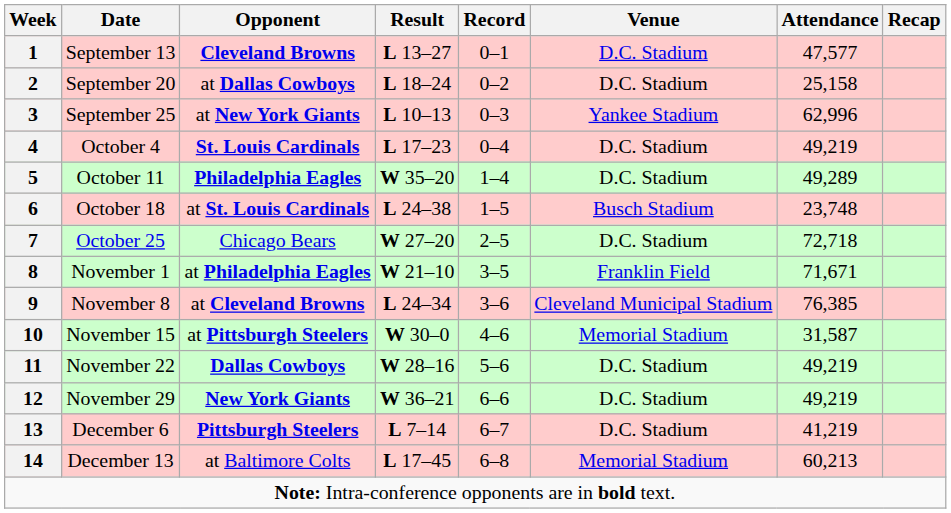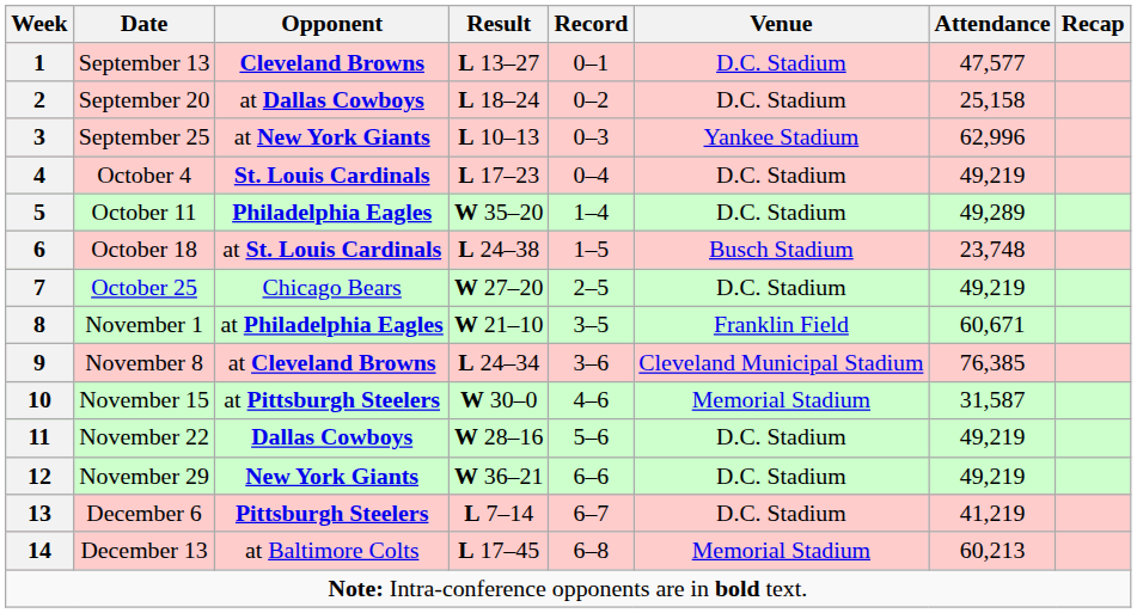 <table class="wikitable" style="text-align:center">
 <tr>
 <th>Week</th>
 <th>Date</th>
 <th>Opponent</th>
 <th>Result</th>
 <th>Record</th>
 <th>Venue</th>
 <th>Attendance</th>
 <th>Recap</th>
 </tr>
 <tr style="background:#fcc">
 <th>1</th>
 <td>September 13</td>
 <td><strong><a href='#'>Cleveland Browns</a></strong></td>
 <td><strong>L</strong> 13–27</td>
 <td>0–1</td>
 <td><a href='#'>D.C. Stadium</a></td>
 <td>47,577</td>
 <td></td>
 </tr>
 <tr style="background:#fcc">
 <th>2</th>
 <td>September 20</td>
 <td>at <strong><a href='#'>Dallas Cowboys</a></strong></td>
 <td><strong>L</strong> 18–24</td>
 <td>0–2</td>
 <td>D.C. Stadium</td>
 <td>25,158</td>
 <td></td>
 </tr>
 <tr style="background:#fcc">
 <th>3</th>
 <td>September 25</td>
 <td>at <strong><a href='#'>New York Giants</a></strong></td>
 <td><strong>L</strong> 10–13</td>
 <td>0–3</td>
 <td><a href='#'>Yankee Stadium</a></td>
 <td>62,996</td>
 <td></td>
 </tr>
 <tr style="background:#fcc">
 <th>4</th>
 <td>October 4</td>
 <td><strong><a href='#'>St. Louis Cardinals</a></strong></td>
 <td><strong>L</strong> 17–23</td>
 <td>0–4</td>
 <td>D.C. Stadium</td>
 <td>49,219</td>
 <td></td>
 </tr>
 <tr style="background:#cfc">
 <th>5</th>
 <td>October 11</td>
 <td><strong><a href='#'>Philadelphia Eagles</a></strong></td>
 <td><strong>W</strong> 35–20</td>
 <td>1–4</td>
 <td>D.C. Stadium</td>
 <td>49,289</td>
 <td></td>
 </tr>
 <tr style="background:#fcc">
 <th>6</th>
 <td>October 18</td>
 <td>at <strong><a href='#'>St. Louis Cardinals</a></strong></td>
 <td><strong>L</strong> 24–38</td>
 <td>1–5</td>
 <td><a href='#'>Busch Stadium</a></td>
 <td>23,748</td>
 <td></td>
 </tr>
 <tr style="background:#cfc">
 <th>7</th>
 <td><a href='#'>October 25</a></td>
 <td><a href='#'>Chicago Bears</a></td>
 <td><strong>W</strong> 27–20</td>
 <td>2–5</td>
 <td>D.C. Stadium</td>
-<td>72,718</td>
+<td>49,219</td>
 <td></td>
 </tr>
 <tr style="background:#cfc">
 <th>8</th>
 <td>November 1</td>
 <td>at <strong><a href='#'>Philadelphia Eagles</a></strong></td>
 <td><strong>W</strong> 21–10</td>
 <td>3–5</td>
 <td><a href='#'>Franklin Field</a></td>
-<td>71,671</td>
+<td>60,671</td>
 <td></td>
 </tr>
 <tr style="background:#fcc">
 <th>9</th>
 <td>November 8</td>
 <td>at <strong><a href='#'>Cleveland Browns</a></strong></td>
 <td><strong>L</strong> 24–34</td>
 <td>3–6</td>
 <td><a href='#'>Cleveland Municipal Stadium</a></td>
 <td>76,385</td>
 <td></td>
 </tr>
 <tr style="background:#cfc">
 <th>10</th>
 <td>November 15</td>
 <td>at <strong><a href='#'>Pittsburgh Steelers</a></strong></td>
 <td><strong>W</strong> 30–0</td>
 <td>4–6</td>
 <td><a href='#'>Memorial Stadium</a></td>
 <td>31,587</td>
 <td></td>
 </tr>
 <tr style="background:#cfc">
 <th>11</th>
 <td>November 22</td>
 <td><strong><a href='#'>Dallas Cowboys</a></strong></td>
 <td><strong>W</strong> 28–16</td>
 <td>5–6</td>
 <td>D.C. Stadium</td>
 <td>49,219</td>
 <td></td>
 </tr>
 <tr style="background:#cfc">
 <th>12</th>
 <td>November 29</td>
 <td><strong><a href='#'>New York Giants</a></strong></td>
 <td><strong>W</strong> 36–21</td>
 <td>6–6</td>
 <td>D.C. Stadium</td>
 <td>49,219</td>
 <td></td>
 </tr>
 <tr style="background:#fcc">
 <th>13</th>
 <td>December 6</td>
 <td><strong><a href='#'>Pittsburgh Steelers</a></strong></td>
 <td><strong>L</strong> 7–14</td>
 <td>6–7</td>
 <td>D.C. Stadium</td>
 <td>41,219</td>
 <td></td>
 </tr>
 <tr style="background:#fcc">
 <th>14</th>
 <td>December 13</td>
 <td>at <a href='#'>Baltimore Colts</a></td>
 <td><strong>L</strong> 17–45</td>
 <td>6–8</td>
 <td><a href='#'>Memorial Stadium</a></td>
 <td>60,213</td>
 <td></td>
 </tr>
 <tr>
 <td colspan="8"><strong>Note:</strong> Intra-conference opponents are in <strong>bold</strong> text.</td>
 </tr>
 </table>
